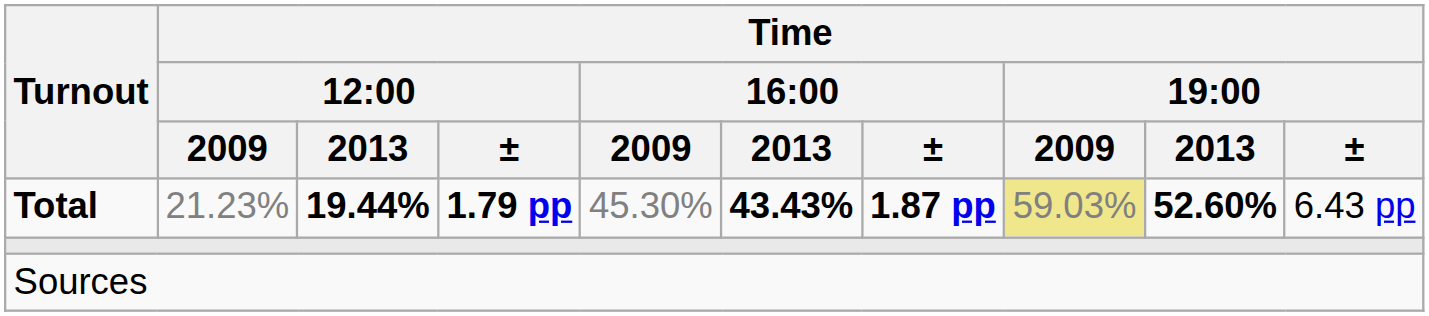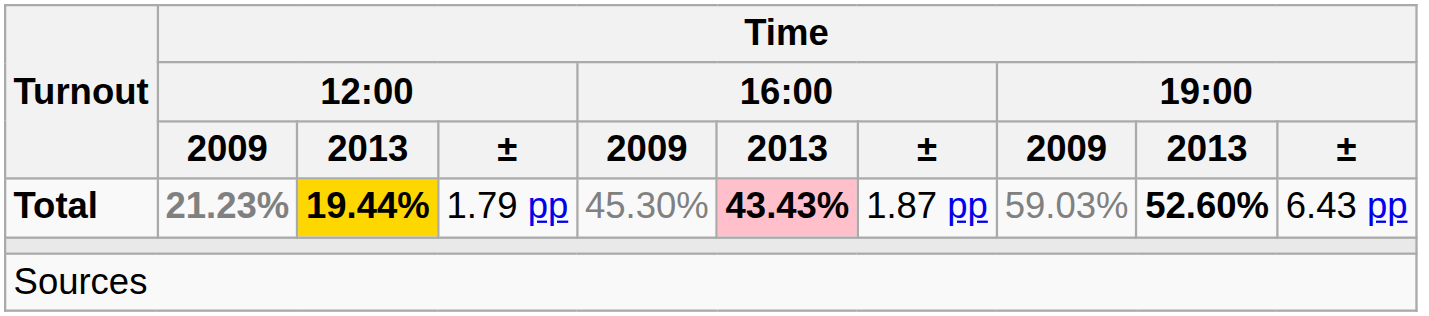 <table class="wikitable sortable" style="text-align:right;">
 <tr>
 <th rowspan="3">Turnout</th>
 <th colspan="9">Time</th>
 </tr>
 <tr>
 <th colspan="3">12:00</th>
 <th colspan="3">16:00</th>
 <th colspan="3">19:00</th>
 </tr>
 <tr>
 <th>2009</th>
 <th>2013</th>
 <th>±</th>
 <th>2009</th>
 <th>2013</th>
 <th>±</th>
 <th>2009</th>
 <th>2013</th>
 <th>±</th>
 </tr>
 <tr>
 <td align="left"><strong>Total</strong></td>
-<td style="color:gray;">21.23%</td>
-<td><strong>19.44%</strong></td>
-<td><strong> 1.79 <a href='#'>pp</a></strong></td>
+<td style="color:gray;"><strong>21.23%</strong></td>
+<td style="background: gold;"><strong>19.44%</strong></td>
+<td> 1.79 <a href='#'>pp</a></td>
 <td style="color:gray;">45.30%</td>
-<td><strong>43.43%</strong></td>
-<td><strong> 1.87 <a href='#'>pp</a></strong></td>
-<td style="background: khaki; color:gray;">59.03%</td>
+<td style="background: pink;"><strong>43.43%</strong></td>
+<td> 1.87 <a href='#'>pp</a></td>
+<td style="color:gray;">59.03%</td>
 <td><strong>52.60%</strong></td>
 <td> 6.43 <a href='#'>pp</a></td>
 </tr>
 <tr>
 <td colspan="10" bgcolor="#E9E9E9"></td>
 </tr>
 <tr>
 <td align="left" colspan="10">Sources</td>
 </tr>
 </table>
